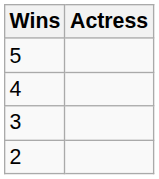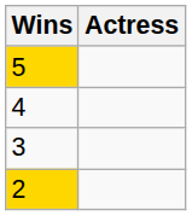 <table class="wikitable">
 <tr>
 <th>Wins</th>
 <th>Actress</th>
 </tr>
 <tr>
-<td>5</td>
+<td style="background: gold;">5</td>
 <td></td>
 </tr>
 <tr>
 <td>4</td>
 <td></td>
 </tr>
 <tr>
 <td>3</td>
 <td></td>
 </tr>
 <tr>
-<td>2</td>
+<td style="background: gold;">2</td>
 <td></td>
 </tr>
 </table>
